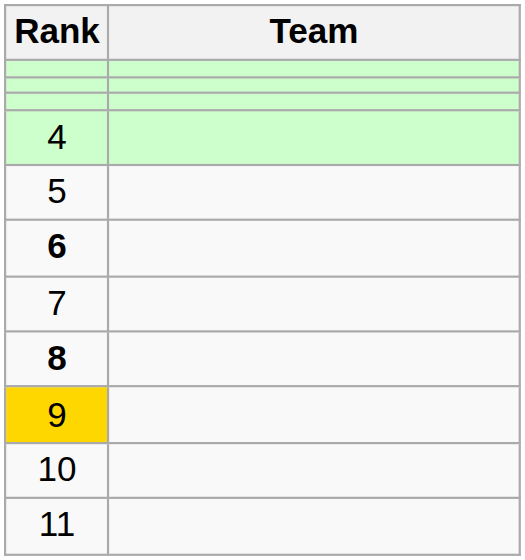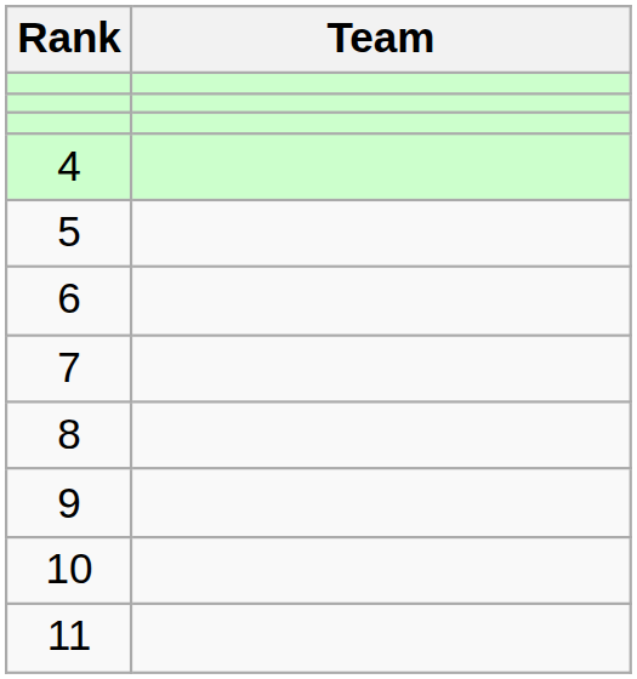 <table class="wikitable" style="text-align: center;">
 <tr>
 <th width=40>Rank</th>
 <th width=180>Team</th>
 </tr>
 <tr bgcolor=#CCFFCC>
 <td></td>
 <td style="text-align:left;"></td>
 </tr>
 <tr bgcolor=#CCFFCC>
 <td></td>
 <td style="text-align:left;"></td>
 </tr>
 <tr bgcolor=#CCFFCC>
 <td></td>
 <td style="text-align:left;"></td>
 </tr>
 <tr bgcolor=#CCFFCC>
 <td>4</td>
 <td style="text-align:left;"></td>
 </tr>
 <tr>
 <td>5</td>
 <td style="text-align:left;"></td>
 </tr>
 <tr>
-<td><strong>6</strong></td>
+<td>6</td>
 <td style="text-align:left;"></td>
 </tr>
 <tr>
 <td>7</td>
 <td style="text-align:left;"></td>
 </tr>
 <tr>
-<td><strong>8</strong></td>
+<td>8</td>
 <td style="text-align:left;"></td>
 </tr>
 <tr>
-<td style="background: gold;">9</td>
+<td>9</td>
 <td style="text-align:left;"></td>
 </tr>
 <tr>
 <td>10</td>
 <td style="text-align:left;"></td>
 </tr>
 <tr>
 <td>11</td>
 <td style="text-align:left;"></td>
 </tr>
 </table>
